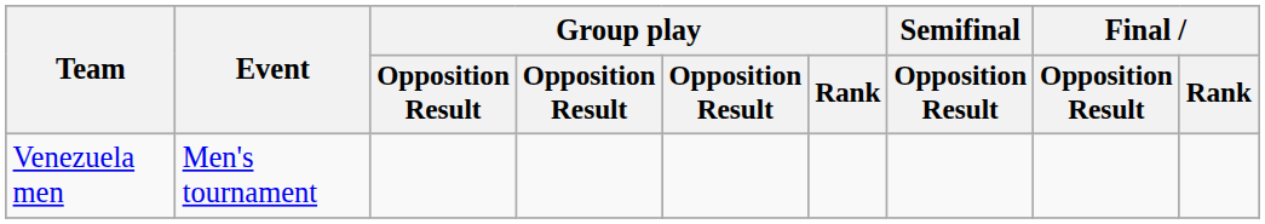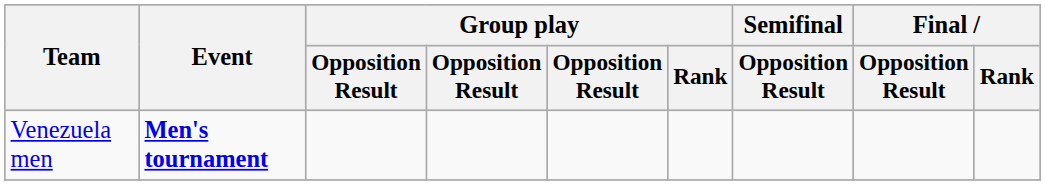 <table class=wikitable style=font-size:90%;text-align:center>
 <tr>
 <th rowspan=2>Team</th>
 <th rowspan=2>Event</th>
 <th colspan=4>Group play</th>
 <th>Semifinal</th>
 <th colspan=2>Final / </th>
 </tr>
 <tr style=font-size:95%>
 <th>Opposition<br>Result</th>
 <th>Opposition<br>Result</th>
 <th>Opposition<br>Result</th>
 <th>Rank</th>
 <th>Opposition<br>Result</th>
 <th>Opposition<br>Result</th>
 <th>Rank</th>
 </tr>
 <tr>
 <td align=left><a href='#'>Venezuela men</a></td>
-<td align=left><a href='#'>Men's tournament</a></td>
+<td align=left><strong><a href='#'>Men's tournament</a></strong></td>
 <td></td>
 <td></td>
 <td></td>
 <td></td>
 <td></td>
 <td></td>
 <td></td>
 </tr>
 </table>
